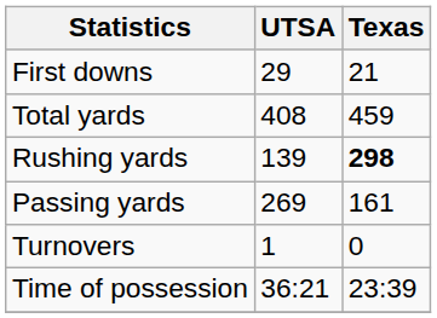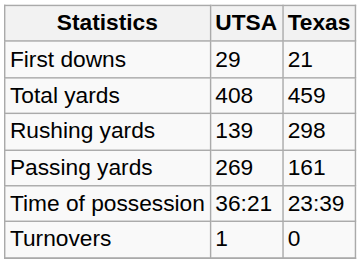 <table class="wikitable" style="float: left;">
 <tr>
 <th>Statistics</th>
 <th>UTSA</th>
 <th>Texas</th>
 </tr>
 <tr>
 <td>First downs</td>
 <td>29</td>
 <td>21</td>
 </tr>
 <tr>
 <td>Total yards</td>
 <td>408</td>
 <td>459</td>
 </tr>
 <tr>
 <td>Rushing yards</td>
 <td>139</td>
-<td><strong>298</strong></td>
+<td>298</td>
 </tr>
 <tr>
 <td>Passing yards</td>
 <td>269</td>
 <td>161</td>
 </tr>
 <tr>
+<td>Time of possession</td>
+<td>36:21</td>
+<td>23:39</td>
+</tr>
+<tr>
 <td>Turnovers</td>
 <td>1</td>
 <td>0</td>
 </tr>
 <tr>
-<td>Time of possession</td>
-<td>36:21</td>
-<td>23:39</td>
-</tr>
-<tr>
 </tr>
 </table>
